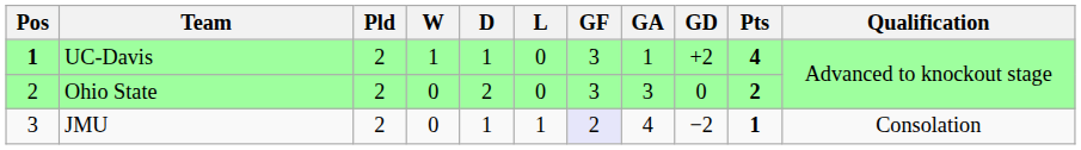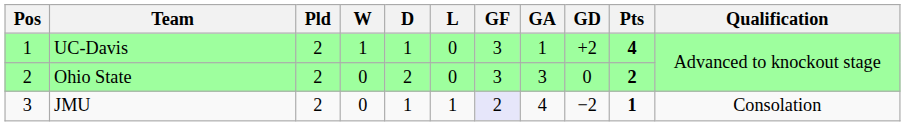 <table class="wikitable" style="text-align:center; margin: 1em auto">
 <tr>
 <th style=width:2em>Pos</th>
 <th style=width:13em>Team</th>
 <th style=width:2em>Pld</th>
 <th style=width:2em>W</th>
 <th style=width:2em>D</th>
 <th style=width:2em>L</th>
 <th style=width:2em>GF</th>
 <th style=width:2em>GA</th>
 <th style=width:2em>GD</th>
 <th style=width:2em>Pts</th>
 <th style=width:13em>Qualification</th>
 </tr>
 <tr bgcolor="#9eff9e">
-<td><strong>1</strong></td>
+<td>1</td>
 <td style="text-align:left">UC-Davis</td>
 <td>2</td>
 <td>1</td>
 <td>1</td>
 <td>0</td>
 <td>3</td>
 <td>1</td>
 <td>+2</td>
 <td><strong>4</strong></td>
 <td rowspan="2">Advanced to knockout stage</td>
 </tr>
 <tr bgcolor="#9eff9e">
 <td>2</td>
 <td style="text-align:left">Ohio State</td>
 <td>2</td>
 <td>0</td>
 <td>2</td>
 <td>0</td>
 <td>3</td>
 <td>3</td>
 <td>0</td>
 <td><strong>2</strong></td>
 </tr>
 <tr>
 <td>3</td>
 <td style="text-align:left">JMU</td>
 <td>2</td>
 <td>0</td>
 <td>1</td>
 <td>1</td>
 <td style="background: lavender;">2</td>
 <td>4</td>
 <td>−2</td>
 <td><strong>1</strong></td>
 <td>Consolation</td>
 </tr>
 </table>
